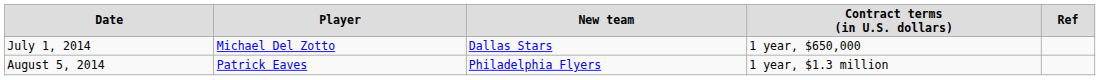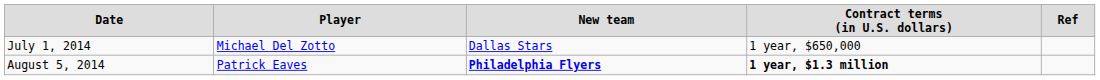 <table class="wikitable" width=97%>
 <tr align="center" bgcolor="#dddddd">
 <td><strong>Date</strong></td>
 <td><strong>Player</strong></td>
 <td><strong>New team</strong></td>
 <td><strong>Contract terms</strong><br><strong>(in U.S. dollars)</strong></td>
 <td><strong>Ref</strong></td>
 </tr>
 <tr>
 <td>July 1, 2014</td>
 <td><a href='#'>Michael Del Zotto</a></td>
 <td><a href='#'>Dallas Stars</a></td>
 <td>1 year, $650,000</td>
 <td></td>
 </tr>
 <tr>
 <td>August 5, 2014</td>
 <td><a href='#'>Patrick Eaves</a></td>
-<td><a href='#'>Philadelphia Flyers</a></td>
-<td>1 year, $1.3 million</td>
+<td><strong><a href='#'>Philadelphia Flyers</a></strong></td>
+<td><strong>1 year, $1.3 million</strong></td>
 <td></td>
 </tr>
 </table>
